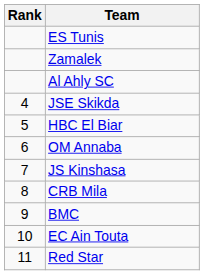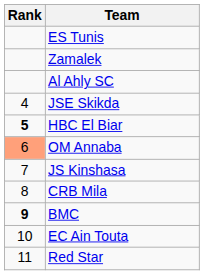 <table class=wikitable style="text-align:center;">
 <tr>
 <th>Rank</th>
 <th width=170>Team</th>
 </tr>
 <tr>
 <td></td>
 <td align=left> <a href='#'>ES Tunis</a></td>
 </tr>
 <tr>
 <td></td>
 <td align=left> <a href='#'>Zamalek</a></td>
 </tr>
 <tr>
 <td></td>
 <td align=left> <a href='#'>Al Ahly SC</a></td>
 </tr>
 <tr>
 <td>4</td>
 <td align=left> <a href='#'>JSE Skikda</a></td>
 </tr>
 <tr>
-<td>5</td>
+<td><strong>5</strong></td>
 <td align=left> <a href='#'>HBC El Biar</a></td>
 </tr>
 <tr>
-<td>6</td>
+<td style="background: lightsalmon;">6</td>
 <td align=left> <a href='#'>OM Annaba</a></td>
 </tr>
 <tr>
 <td>7</td>
 <td align=left> <a href='#'>JS Kinshasa</a></td>
 </tr>
 <tr>
 <td>8</td>
 <td align=left> <a href='#'>CRB Mila</a></td>
 </tr>
 <tr>
-<td>9</td>
+<td><strong>9</strong></td>
 <td align=left> <a href='#'>BMC</a></td>
 </tr>
 <tr>
 <td>10</td>
 <td align=left> <a href='#'>EC Ain Touta</a></td>
 </tr>
 <tr>
 <td>11</td>
 <td align=left> <a href='#'>Red Star</a></td>
 </tr>
 </table>
